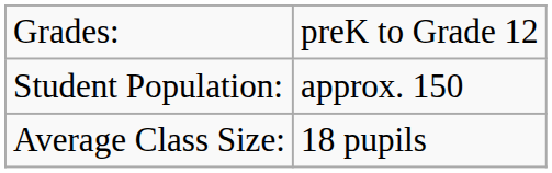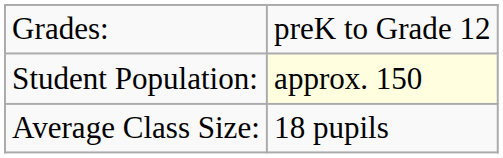 <table class="wikitable">
 <tr>
 <td>Grades:</td>
 <td>preK to Grade 12</td>
 </tr>
 <tr>
 <td>Student Population:</td>
-<td>approx. 150</td>
+<td style="background: lightyellow;">approx. 150</td>
 </tr>
 <tr>
 <td>Average Class Size:</td>
 <td>18 pupils</td>
 </tr>
 </table>
